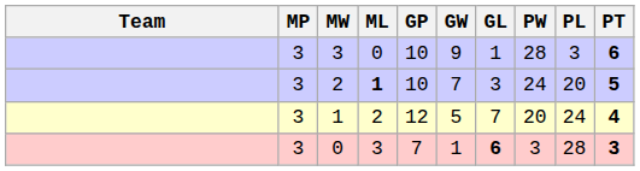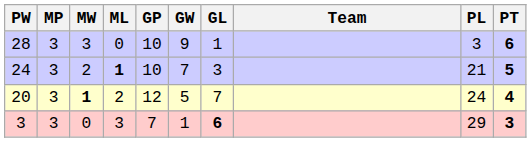 <table class=wikitable style="text-align:center">
 <tr>
-<th width=175>Team</th>
+<th width=20>PW</th>
 <th width=20>MP</th>
 <th width=20>MW</th>
 <th width=20>ML</th>
 <th width=20>GP</th>
 <th width=20>GW</th>
 <th width=20>GL</th>
-<th width=20>PW</th>
+<th width=175>Team</th>
 <th width=20>PL</th>
 <th width=20>PT</th>
 </tr>
 <tr style="background-color:#ccccff;">
-<td style="text-align:left;"></td>
+<td>28</td>
 <td>3</td>
 <td>3</td>
 <td>0</td>
 <td>10</td>
 <td>9</td>
 <td>1</td>
-<td>28</td>
+<td style="text-align:left;"></td>
 <td>3</td>
 <td><strong>6</strong></td>
 </tr>
 <tr style="background-color:#ccccff;">
-<td style="text-align:left;"></td>
+<td>24</td>
 <td>3</td>
 <td>2</td>
 <td><strong>1</strong></td>
 <td>10</td>
 <td>7</td>
 <td>3</td>
-<td>24</td>
-<td>20</td>
+<td style="text-align:left;"></td>
+<td>21</td>
 <td><strong>5</strong></td>
 </tr>
 <tr style="background-color:#ffffcc;">
-<td style="text-align:left;"></td>
+<td>20</td>
 <td>3</td>
-<td>1</td>
+<td><strong>1</strong></td>
 <td>2</td>
 <td>12</td>
 <td>5</td>
 <td>7</td>
-<td>20</td>
+<td style="text-align:left;"></td>
 <td>24</td>
 <td><strong>4</strong></td>
 </tr>
 <tr style="background-color:#ffcccc;">
-<td style="text-align:left;"></td>
+<td>3</td>
 <td>3</td>
 <td>0</td>
 <td>3</td>
 <td>7</td>
 <td>1</td>
 <td><strong>6</strong></td>
-<td>3</td>
-<td>28</td>
+<td style="text-align:left;"></td>
+<td>29</td>
 <td><strong>3</strong></td>
 </tr>
 </table>
